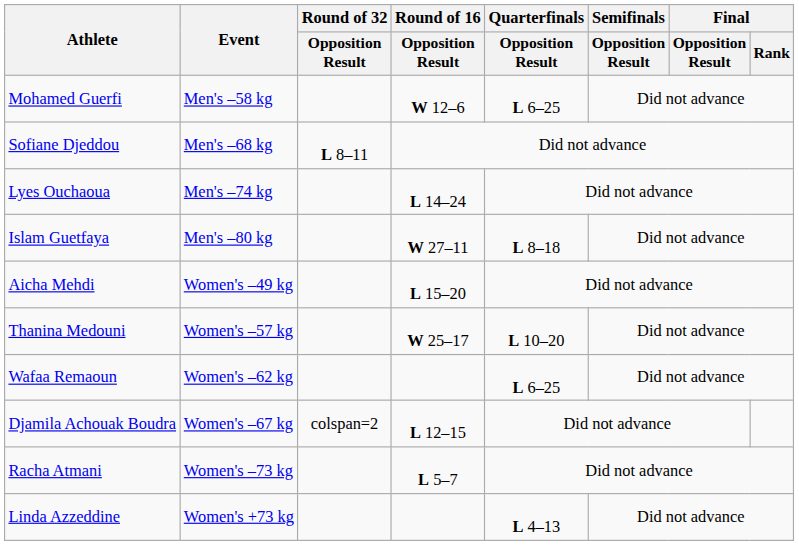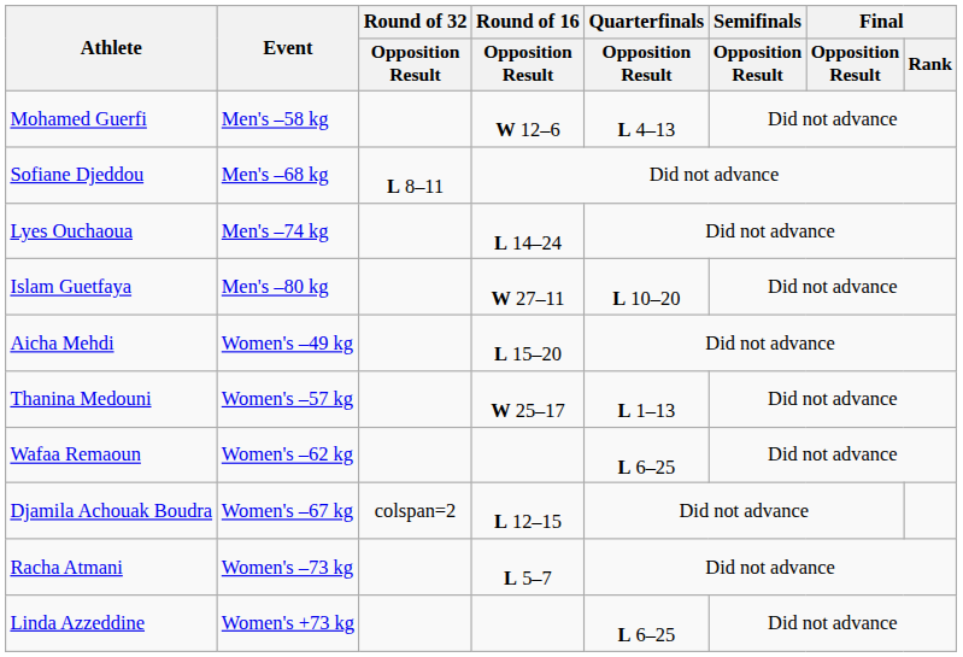 <table class="wikitable" style="text-align:left; font-size:90%">
 <tr>
 <th rowspan="2">Athlete</th>
 <th rowspan="2">Event</th>
 <th>Round of 32</th>
 <th>Round of 16</th>
 <th>Quarterfinals</th>
 <th>Semifinals</th>
 <th colspan=2>Final</th>
 </tr>
 <tr style="font-size: 95%">
 <th>Opposition<br>Result</th>
 <th>Opposition<br>Result</th>
 <th>Opposition<br>Result</th>
 <th>Opposition<br>Result</th>
 <th>Opposition<br>Result</th>
 <th>Rank</th>
 </tr>
 <tr align=center>
 <td align=left><a href='#'>Mohamed Guerfi</a></td>
 <td align=left><a href='#'>Men's –58 kg</a></td>
 <td></td>
 <td><br><strong>W</strong> 12–6</td>
-<td><br><strong>L</strong> 6–25</td>
+<td><br><strong>L</strong> 4–13</td>
 <td colspan=3>Did not advance</td>
 </tr>
 <tr align=center>
 <td align=left><a href='#'>Sofiane Djeddou</a></td>
 <td align=left><a href='#'>Men's –68 kg</a></td>
 <td><br><strong>L</strong> 8–11</td>
 <td colspan=5>Did not advance</td>
 </tr>
 <tr align=center>
 <td align=left><a href='#'>Lyes Ouchaoua</a></td>
 <td align=left><a href='#'>Men's –74 kg</a></td>
 <td></td>
 <td><br><strong>L</strong> 14–24</td>
 <td colspan=4>Did not advance</td>
 </tr>
 <tr align=center>
 <td align=left><a href='#'>Islam Guetfaya</a></td>
 <td align=left><a href='#'>Men's –80 kg</a></td>
 <td></td>
 <td><br><strong>W</strong> 27–11</td>
-<td><br><strong>L</strong> 8–18</td>
+<td><br><strong>L</strong> 10–20</td>
 <td colspan=3>Did not advance</td>
 </tr>
 <tr align=center>
 <td align=left><a href='#'>Aicha Mehdi</a></td>
 <td align=left><a href='#'>Women's –49 kg</a></td>
 <td></td>
 <td><br><strong>L</strong> 15–20</td>
 <td colspan=4>Did not advance</td>
 </tr>
 <tr align=center>
 <td align=left><a href='#'>Thanina Medouni</a></td>
 <td align=left><a href='#'>Women's –57 kg</a></td>
 <td></td>
 <td><br><strong>W</strong> 25–17</td>
-<td><br><strong>L</strong> 10–20</td>
+<td><br><strong>L</strong> 1–13</td>
 <td colspan=3>Did not advance</td>
 </tr>
 <tr align=center>
 <td align=left><a href='#'>Wafaa Remaoun</a></td>
 <td align=left><a href='#'>Women's –62 kg</a></td>
 <td></td>
 <td></td>
 <td><br><strong>L</strong> 6–25</td>
 <td colspan=3>Did not advance</td>
 </tr>
 <tr align=center>
 <td align=left><a href='#'>Djamila Achouak Boudra</a></td>
 <td align=left><a href='#'>Women's –67 kg</a></td>
 <td>colspan=2 </td>
 <td><br><strong>L</strong> 12–15</td>
 <td colspan=3>Did not advance</td>
 </tr>
 <tr align=center>
 <td align=left><a href='#'>Racha Atmani</a></td>
 <td align=left><a href='#'>Women's –73 kg</a></td>
 <td></td>
 <td><br><strong>L</strong> 5–7</td>
 <td colspan=4>Did not advance</td>
 </tr>
 <tr align=center>
 <td align=left><a href='#'>Linda Azzeddine</a></td>
 <td align=left><a href='#'>Women's +73 kg</a></td>
 <td></td>
 <td></td>
-<td><br><strong>L</strong> 4–13</td>
+<td><br><strong>L</strong> 6–25</td>
 <td colspan=3>Did not advance</td>
 </tr>
 </table>
